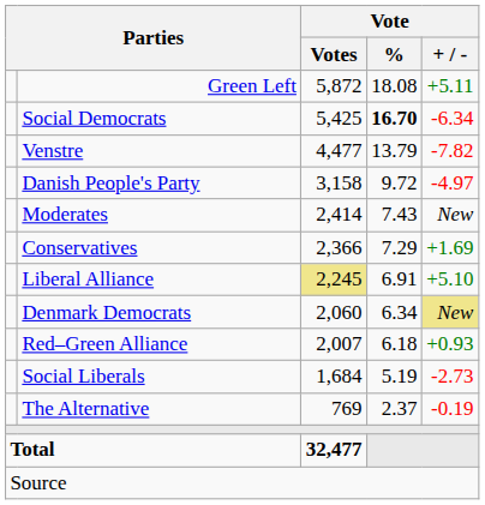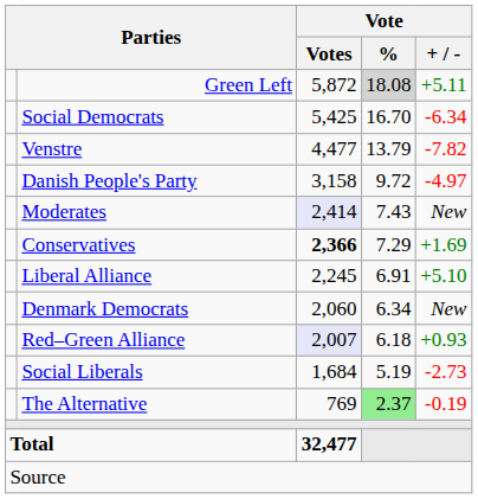 <table class="wikitable" style="text-align:right;">
 <tr>
 <th style="text-align:centre;" rowspan="2" colspan="2" width="225">Parties</th>
 <th colspan="3">Vote</th>
 </tr>
 <tr>
 <th width="15">Votes</th>
 <th width="15">%</th>
 <th width="15">+ / -</th>
 </tr>
 <tr>
 <td width=2 bgcolor=></td>
 <td><a href='#'>Green Left</a></td>
 <td>5,872</td>
-<td>18.08</td>
+<td style="background: lightgrey;">18.08</td>
 <td style=color:green;>+5.11</td>
 </tr>
 <tr>
 <td width=2 bgcolor=></td>
 <td align=left><a href='#'>Social Democrats</a></td>
 <td>5,425</td>
-<td><strong>16.70</strong></td>
+<td>16.70</td>
 <td style=color:red;>-6.34</td>
 </tr>
 <tr>
 <td width=2 bgcolor=></td>
 <td align=left><a href='#'>Venstre</a></td>
 <td>4,477</td>
 <td>13.79</td>
 <td style=color:red;>-7.82</td>
 </tr>
 <tr>
 <td width=2 bgcolor=></td>
 <td align=left><a href='#'>Danish People's Party</a></td>
 <td>3,158</td>
 <td>9.72</td>
 <td style=color:red;>-4.97</td>
 </tr>
 <tr>
 <td width=2 bgcolor=></td>
 <td align=left><a href='#'>Moderates</a></td>
-<td>2,414</td>
+<td style="background: lavender;">2,414</td>
 <td>7.43</td>
 <td><em>New</em></td>
 </tr>
 <tr>
 <td width=2 bgcolor=></td>
 <td align=left><a href='#'>Conservatives</a></td>
-<td>2,366</td>
+<td><strong>2,366</strong></td>
 <td>7.29</td>
 <td style=color:green;>+1.69</td>
 </tr>
 <tr>
 <td width=2 bgcolor=></td>
 <td align=left><a href='#'>Liberal Alliance</a></td>
-<td style="background: khaki;">2,245</td>
+<td>2,245</td>
 <td>6.91</td>
 <td style=color:green;>+5.10</td>
 </tr>
 <tr>
 <td width=2 bgcolor=></td>
 <td align=left><a href='#'>Denmark Democrats</a></td>
 <td>2,060</td>
 <td>6.34</td>
-<td style="background: khaki;"><em>New</em></td>
+<td><em>New</em></td>
 </tr>
 <tr>
 <td width=2 bgcolor=></td>
 <td align=left><a href='#'>Red–Green Alliance</a></td>
-<td>2,007</td>
+<td style="background: lavender;">2,007</td>
 <td>6.18</td>
 <td style=color:green;>+0.93</td>
 </tr>
 <tr>
 <td width=2 bgcolor=></td>
 <td align=left><a href='#'>Social Liberals</a></td>
 <td>1,684</td>
 <td>5.19</td>
 <td style=color:red;>-2.73</td>
 </tr>
 <tr>
 <td width=2 bgcolor=></td>
 <td align=left><a href='#'>The Alternative</a></td>
 <td>769</td>
-<td>2.37</td>
+<td style="background: lightgreen;">2.37</td>
 <td style=color:red;>-0.19</td>
 </tr>
 <tr>
 <td colspan="7" bgcolor="#E9E9E9"></td>
 </tr>
 <tr>
 <td align="left" colspan="2"><strong>Total</strong></td>
 <td><strong>32,477</strong></td>
 <td bgcolor=#E9E9E9 colspan=2></td>
 </tr>
 <tr>
 <td align="left" colspan="6">Source</td>
 </tr>
 </table>
